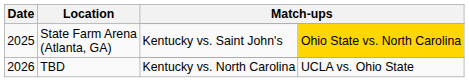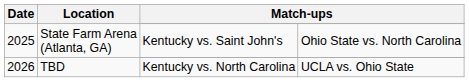 <table class="wikitable">
 <tr>
 <th>Date</th>
 <th>Location</th>
 <th colspan="2">Match-ups</th>
 </tr>
 <tr>
 <td rowspan="2">2025</td>
 <td rowspan="2">State Farm Arena<br>(Atlanta, GA)</td>
 </tr>
 <tr>
 <td>Kentucky vs. Saint John's</td>
-<td style="background: gold;">Ohio State vs. North Carolina</td>
+<td>Ohio State vs. North Carolina</td>
 </tr>
 <tr>
 <td rowspan="2">2026</td>
 <td rowspan="2">TBD</td>
 </tr>
 <tr>
 <td>Kentucky vs. North Carolina</td>
 <td>UCLA vs. Ohio State</td>
 </tr>
 </table>
